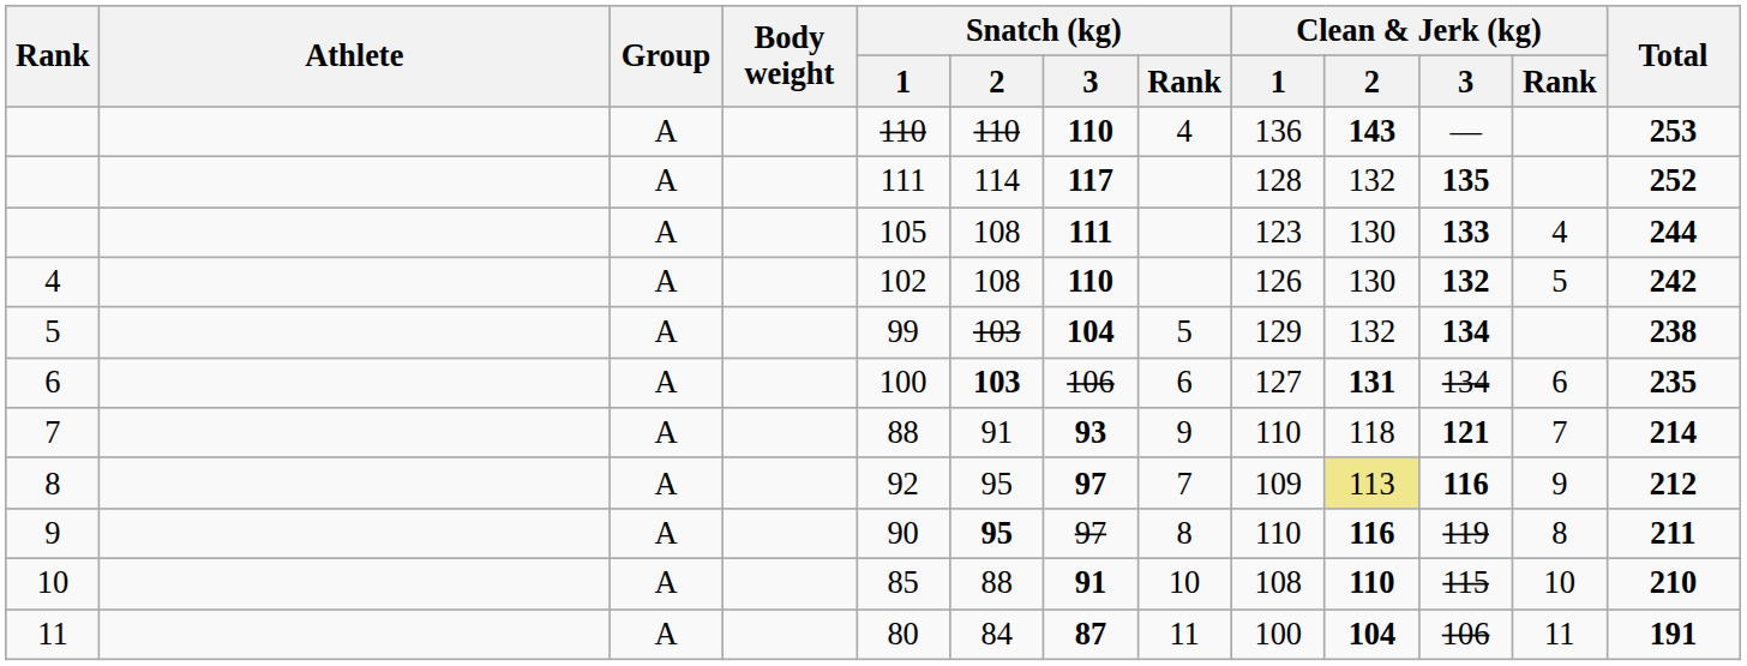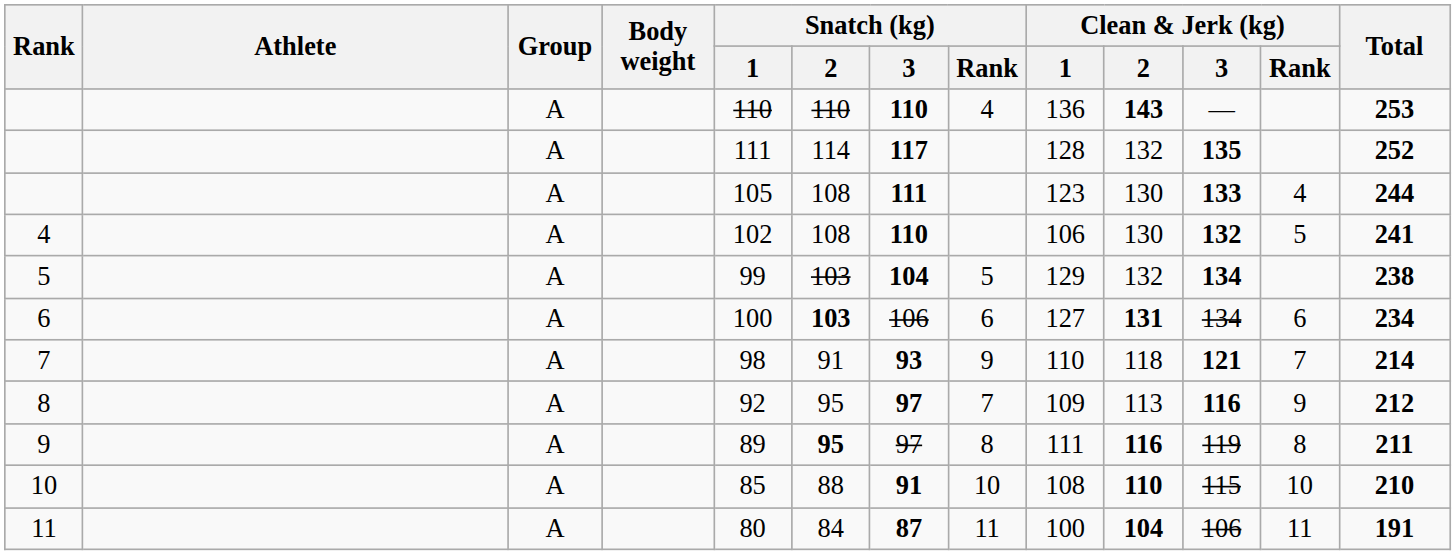 <table class = "wikitable" style="text-align:center;">
 <tr>
 <th rowspan=2 width=40>Rank</th>
 <th rowspan=2 width=250>Athlete</th>
 <th rowspan=2 width=50>Group</th>
 <th rowspan=2 width=60>Body weight</th>
 <th colspan=4>Snatch (kg)</th>
 <th colspan=4>Clean & Jerk (kg)</th>
 <th rowspan=2 width=60>Total</th>
 </tr>
 <tr>
 <th width=40>1</th>
 <th width=40>2</th>
 <th width=40>3</th>
 <th width=40>Rank</th>
 <th width=40>1</th>
 <th width=40>2</th>
 <th width=40>3</th>
 <th width=40>Rank</th>
 </tr>
 <tr>
 <td></td>
 <td align=left></td>
 <td>A</td>
 <td></td>
 <td><s>110</s></td>
 <td><s>110</s></td>
 <td><strong>110</strong></td>
 <td>4</td>
 <td>136</td>
 <td><strong>143</strong></td>
 <td>—</td>
 <td></td>
 <td><strong>253</strong></td>
 </tr>
 <tr>
 <td></td>
 <td align=left></td>
 <td>A</td>
 <td></td>
 <td>111</td>
 <td>114</td>
 <td><strong>117</strong></td>
 <td></td>
 <td>128</td>
 <td>132</td>
 <td><strong>135</strong></td>
 <td></td>
 <td><strong>252</strong></td>
 </tr>
 <tr>
 <td></td>
 <td align=left></td>
 <td>A</td>
 <td></td>
 <td>105</td>
 <td>108</td>
 <td><strong>111</strong></td>
 <td></td>
 <td>123</td>
 <td>130</td>
 <td><strong>133</strong></td>
 <td>4</td>
 <td><strong>244</strong></td>
 </tr>
 <tr>
 <td>4</td>
 <td align=left></td>
 <td>A</td>
 <td></td>
 <td>102</td>
 <td>108</td>
 <td><strong>110</strong></td>
 <td></td>
-<td>126</td>
+<td>106</td>
 <td>130</td>
 <td><strong>132</strong></td>
 <td>5</td>
-<td><strong>242</strong></td>
+<td><strong>241</strong></td>
 </tr>
 <tr>
 <td>5</td>
 <td align=left></td>
 <td>A</td>
 <td></td>
 <td>99</td>
 <td><s>103</s></td>
 <td><strong>104</strong></td>
 <td>5</td>
 <td>129</td>
 <td>132</td>
 <td><strong>134</strong></td>
 <td></td>
 <td><strong>238</strong></td>
 </tr>
 <tr>
 <td>6</td>
 <td align=left></td>
 <td>A</td>
 <td></td>
 <td>100</td>
 <td><strong>103</strong></td>
 <td><s>106</s></td>
 <td>6</td>
 <td>127</td>
 <td><strong>131</strong></td>
 <td><s>134</s></td>
 <td>6</td>
-<td><strong>235</strong></td>
+<td><strong>234</strong></td>
 </tr>
 <tr>
 <td>7</td>
 <td align=left></td>
 <td>A</td>
 <td></td>
-<td>88</td>
+<td>98</td>
 <td>91</td>
 <td><strong>93</strong></td>
 <td>9</td>
 <td>110</td>
 <td>118</td>
 <td><strong>121</strong></td>
 <td>7</td>
 <td><strong>214</strong></td>
 </tr>
 <tr>
 <td>8</td>
 <td align=left></td>
 <td>A</td>
 <td></td>
 <td>92</td>
 <td>95</td>
 <td><strong>97</strong></td>
 <td>7</td>
 <td>109</td>
-<td style="background: khaki;">113</td>
+<td>113</td>
 <td><strong>116</strong></td>
 <td>9</td>
 <td><strong>212</strong></td>
 </tr>
 <tr>
 <td>9</td>
 <td align=left></td>
 <td>A</td>
 <td></td>
-<td>90</td>
+<td>89</td>
 <td><strong>95</strong></td>
 <td><s>97</s></td>
 <td>8</td>
-<td>110</td>
+<td>111</td>
 <td><strong>116</strong></td>
 <td><s>119</s></td>
 <td>8</td>
 <td><strong>211</strong></td>
 </tr>
 <tr>
 <td>10</td>
 <td align=left></td>
 <td>A</td>
 <td></td>
 <td>85</td>
 <td>88</td>
 <td><strong>91</strong></td>
 <td>10</td>
 <td>108</td>
 <td><strong>110</strong></td>
 <td><s>115</s></td>
 <td>10</td>
 <td><strong>210</strong></td>
 </tr>
 <tr>
 <td>11</td>
 <td align=left></td>
 <td>A</td>
 <td></td>
 <td>80</td>
 <td>84</td>
 <td><strong>87</strong></td>
 <td>11</td>
 <td>100</td>
 <td><strong>104</strong></td>
 <td><s>106</s></td>
 <td>11</td>
 <td><strong>191</strong></td>
 </tr>
 </table>
